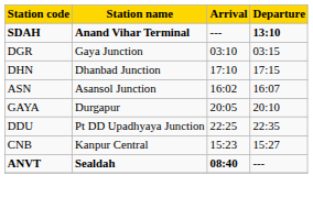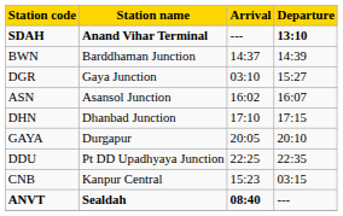 <table class="wikitable">
 <tr>
 <th style="background:gold;">Station code</th>
 <th ! style="background:gold;">Station name</th>
 <th ! style="background:gold;">Arrival</th>
 <th ! style="background:gold;">Departure</th>
 </tr>
 <tr>
 <td><strong>SDAH</strong></td>
 <td><strong>Anand Vihar Terminal</strong></td>
 <td>---</td>
 <td><strong>13:10</strong></td>
 </tr>
 <tr>
+<td>BWN</td>
+<td>Barddhaman Junction</td>
+<td>14:37</td>
+<td>14:39</td>
+</tr>
+<tr>
 <td>DGR</td>
 <td>Gaya Junction</td>
 <td>03:10</td>
-<td>03:15</td>
+<td>15:27</td>
+</tr>
+<tr>
+<td>ASN</td>
+<td>Asansol Junction</td>
+<td>16:02</td>
+<td>16:07</td>
 </tr>
 <tr>
 <td>DHN</td>
 <td>Dhanbad Junction</td>
 <td>17:10</td>
 <td>17:15</td>
-</tr>
-<tr>
-<td>ASN</td>
-<td>Asansol Junction</td>
-<td>16:02</td>
-<td>16:07</td>
 </tr>
 <tr>
 <td>GAYA</td>
 <td>Durgapur</td>
 <td>20:05</td>
 <td>20:10</td>
 </tr>
 <tr>
 <td>DDU</td>
 <td>Pt DD Upadhyaya Junction</td>
 <td>22:25</td>
 <td>22:35</td>
 </tr>
 <tr>
 <td>CNB</td>
 <td>Kanpur Central</td>
 <td>15:23</td>
-<td>15:27</td>
+<td>03:15</td>
 </tr>
 <tr>
 <td><strong>ANVT</strong></td>
 <td><strong>Sealdah</strong></td>
 <td><strong>08:40</strong></td>
 <td>---</td>
 </tr>
 <tr>
 </tr>
 </table>
